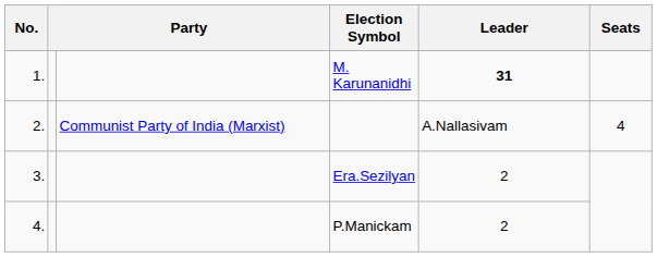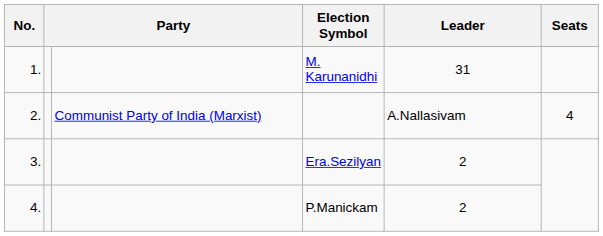 <table class="wikitable">
 <tr style="height: 50px;">
 <th scope="col" style="width:40px;">No.<br></th>
 <th scope="col" style="width:300px;"colspan="2">Party</th>
 <th scope="col" style="width:80px;">Election Symbol</th>
 <th scope="col" style="width:180px;">Leader</th>
 <th scope="col" style="width:60px;">Seats</th>
 </tr>
 <tr style="height: 55px;">
 <td style="text-align:right;">1.</td>
 <td></td>
 <td style="text-align:center;"></td>
 <td><a href='#'>M. Karunanidhi</a></td>
-<td style="text-align:center;"><strong>31</strong></td>
+<td style="text-align:center;">31</td>
 </tr>
 <tr style="height: 55px;">
 <td style="text-align:right;">2.</td>
 <td></td>
 <td><a href='#'>Communist Party of India  (Marxist)</a></td>
 <td style="text-align:center;"></td>
 <td>A.Nallasivam</td>
 <td style="text-align:center;">4</td>
 </tr>
 <tr style="height: 55px;">
 <td style="text-align:right;">3.</td>
 <td></td>
 <td style="text-align:center;"></td>
 <td><a href='#'>Era.Sezilyan</a></td>
 <td style="text-align:center;">2</td>
 </tr>
 <tr style="height: 55px;">
 <td style="text-align:right;">4.</td>
 <td></td>
 <td style="text-align:center;"></td>
 <td>P.Manickam</td>
 <td style="text-align:center;">2</td>
 </tr>
 </table>
